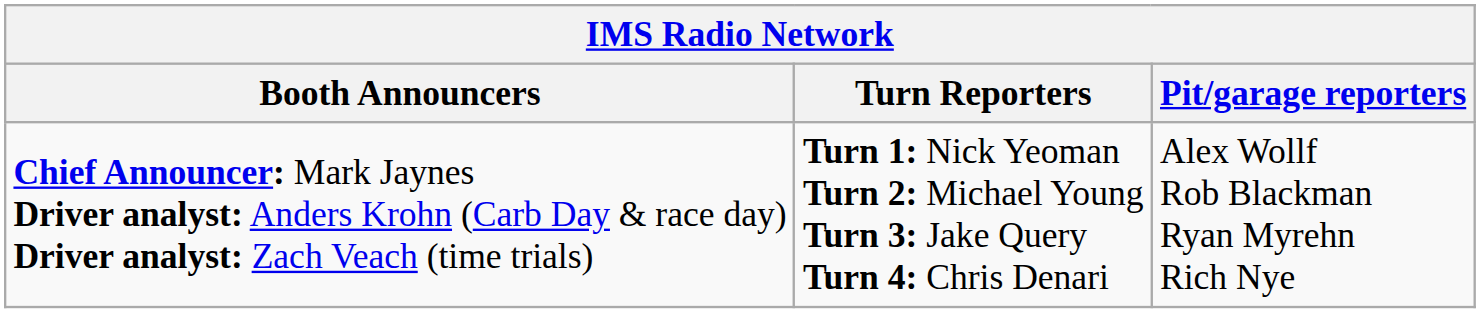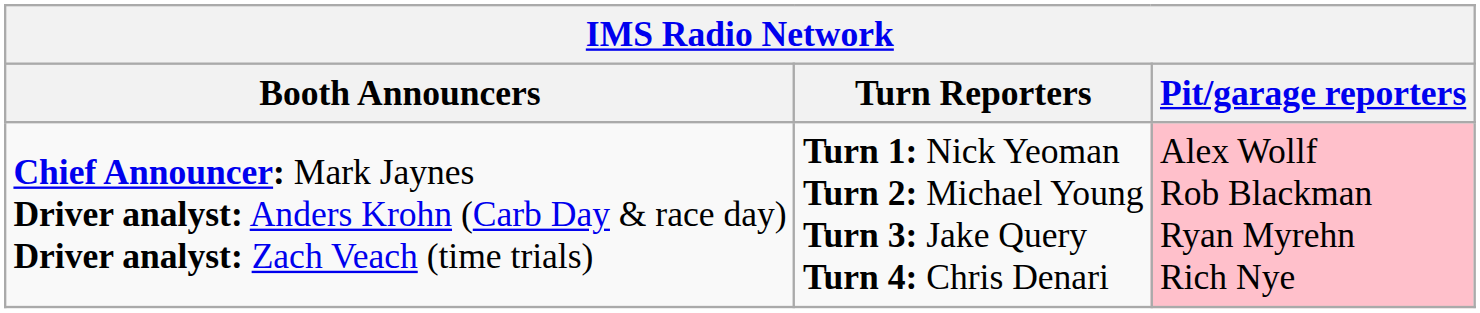 <table class="wikitable" style="font-size: 95%;">
 <tr>
 <th colspan=3><a href='#'>IMS Radio Network</a></th>
 </tr>
 <tr>
 <th>Booth Announcers</th>
 <th>Turn Reporters</th>
 <th><a href='#'>Pit/garage reporters</a></th>
 </tr>
 <tr>
 <td><strong><a href='#'>Chief Announcer</a>:</strong> Mark Jaynes<br><strong>Driver analyst:</strong> <a href='#'>Anders Krohn</a> (<a href='#'>Carb Day</a> & race day)<br><strong>Driver analyst:</strong> <a href='#'>Zach Veach</a> (time trials)<br></td>
 <td><strong>Turn 1:</strong> Nick Yeoman<br><strong>Turn 2:</strong> Michael Young<br><strong>Turn 3:</strong> Jake Query<br><strong>Turn 4:</strong> Chris Denari<br></td>
-<td>Alex Wollf<br>Rob Blackman<br>Ryan Myrehn<br>Rich Nye</td>
+<td style="background: pink;">Alex Wollf<br>Rob Blackman<br>Ryan Myrehn<br>Rich Nye</td>
 </tr>
 </table>
